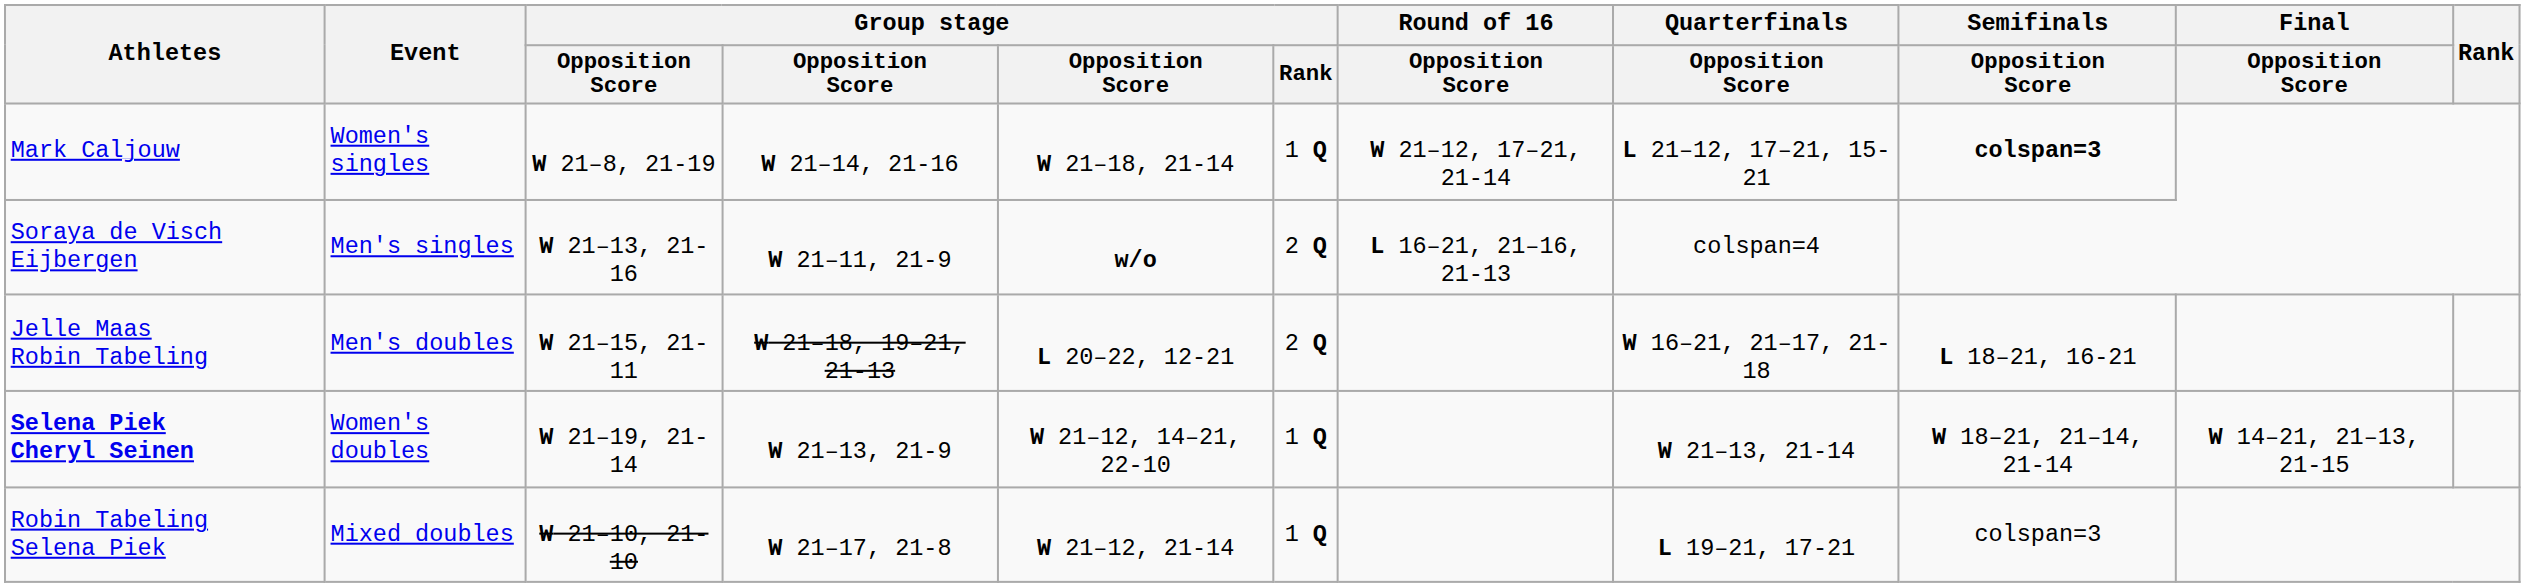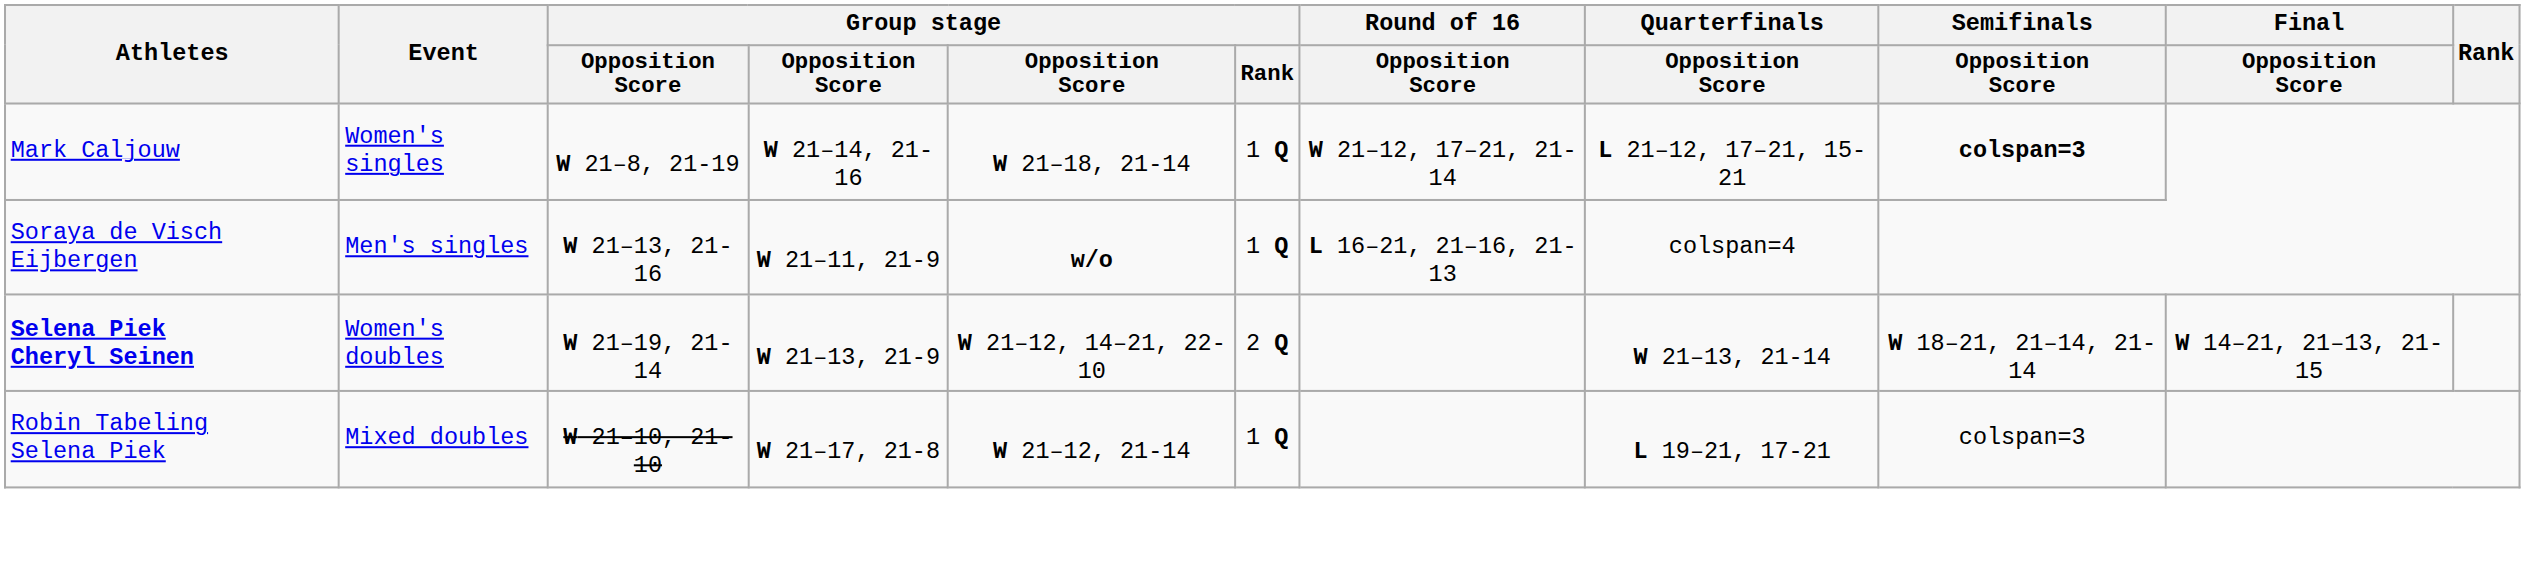 <table class="wikitable" style="font-size:90%">
 <tr>
 <th rowspan="2">Athletes</th>
 <th rowspan="2">Event</th>
 <th colspan="4">Group stage</th>
 <th>Round of 16</th>
 <th>Quarterfinals</th>
 <th>Semifinals</th>
 <th>Final</th>
 <th rowspan="2">Rank</th>
 </tr>
 <tr style="font-size:95%">
 <th>Opposition<br>Score</th>
 <th>Opposition<br>Score</th>
 <th>Opposition<br>Score</th>
 <th>Rank</th>
 <th>Opposition<br>Score</th>
 <th>Opposition<br>Score</th>
 <th>Opposition<br>Score</th>
 <th>Opposition<br>Score</th>
 </tr>
 <tr align="center">
 <td align="left"><a href='#'>Mark Caljouw</a></td>
 <td align="left"><a href='#'>Women's singles</a></td>
 <td><br><strong>W</strong> 21–8, 21-19</td>
 <td><br> <strong>W</strong> 21–14, 21-16</td>
 <td><br>  <strong>W</strong> 21–18, 21-14</td>
 <td>1 <strong>Q</strong></td>
 <td><br> <strong>W</strong> 21–12, 17–21, 21-14</td>
 <td><br>  <strong>L</strong> 21–12, 17–21, 15-21</td>
 <td><strong>colspan=3 </strong></td>
 </tr>
 <tr align="center">
 <td align="left"><a href='#'>Soraya de Visch Eijbergen</a></td>
 <td align="left"><a href='#'>Men's singles</a></td>
 <td><br> <strong>W</strong> 21–13, 21-16</td>
 <td><br> <strong>W</strong> 21–11, 21-9</td>
 <td><br> <strong>w/o</strong></td>
-<td>2 <strong>Q</strong></td>
+<td>1 <strong>Q</strong></td>
 <td><br> <strong>L</strong> 16–21, 21–16, 21-13</td>
 <td>colspan=4 </td>
-</tr>
-<tr align="center">
-<td align="left"><a href='#'>Jelle Maas</a><br><a href='#'>Robin Tabeling</a></td>
-<td align="left"><a href='#'>Men's doubles</a></td>
-<td><br> <strong>W</strong> 21–15, 21-11</td>
-<td><s></s><br> <s><strong>W</strong> 21–18, 19–21, 21-13</s></td>
-<td><br><strong>L</strong> 20–22, 12-21</td>
-<td>2 <strong>Q</strong></td>
-<td></td>
-<td><br> <strong>W</strong> 16–21, 21–17, 21-18</td>
-<td><br> <strong>L</strong> 18–21, 16-21</td>
-<td></td>
-<td></td>
 </tr>
 <tr align="center">
 <td align="left"><strong><a href='#'>Selena Piek</a><br><a href='#'>Cheryl Seinen</a> </strong></td>
 <td align="left"><a href='#'>Women's doubles</a></td>
 <td><br> <strong>W</strong> 21–19, 21-14</td>
 <td><br> <strong>W</strong> 21–13, 21-9</td>
 <td><br><strong>W</strong> 21–12, 14–21, 22-10</td>
-<td>1 <strong>Q</strong></td>
+<td>2 <strong>Q</strong></td>
 <td></td>
 <td><br><strong>W</strong> 21–13, 21-14</td>
 <td><br><strong>W</strong> 18–21, 21–14, 21-14</td>
 <td><br><strong>W</strong> 14–21, 21–13, 21-15</td>
 <td></td>
 </tr>
 <tr align="center">
 <td align="left"><a href='#'>Robin Tabeling</a><br><a href='#'>Selena Piek</a></td>
 <td align="left"><a href='#'>Mixed doubles</a></td>
 <td><s><br><strong>W</strong> 21–10, 21-10</s></td>
 <td><br><strong>W</strong> 21–17, 21-8</td>
 <td><br> <strong>W</strong> 21–12, 21-14</td>
 <td>1 <strong>Q</strong></td>
 <td></td>
 <td><br><strong>L</strong> 19–21, 17-21</td>
 <td>colspan=3 </td>
 </tr>
 </table>
